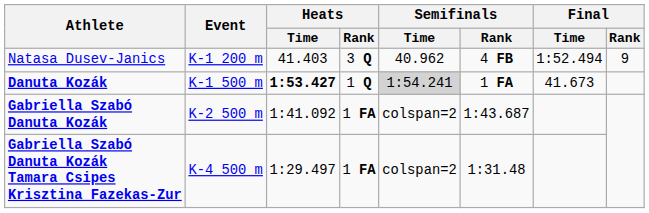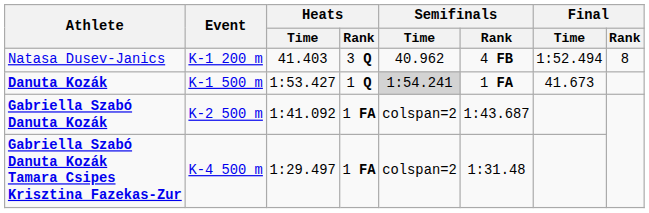 <table class=wikitable style="font-size:90%">
 <tr>
 <th rowspan="2">Athlete</th>
 <th rowspan="2">Event</th>
 <th colspan=2>Heats</th>
 <th colspan=2>Semifinals</th>
 <th colspan=2>Final</th>
 </tr>
 <tr style="font-size:95%">
 <th>Time</th>
 <th>Rank</th>
 <th>Time</th>
 <th>Rank</th>
 <th>Time</th>
 <th>Rank</th>
 </tr>
 <tr align=center>
 <td align=left><a href='#'>Natasa Dusev-Janics</a></td>
 <td align=left><a href='#'>K-1 200 m</a></td>
 <td>41.403</td>
 <td>3 <strong>Q</strong></td>
 <td>40.962</td>
 <td>4 <strong>FB</strong></td>
 <td>1:52.494</td>
-<td>9</td>
+<td>8</td>
 </tr>
 <tr align=center>
 <td align=left><strong><a href='#'>Danuta Kozák</a></strong></td>
 <td align=left><a href='#'>K-1 500 m</a></td>
-<td><strong>1:53.427</strong></td>
+<td>1:53.427</td>
 <td>1 <strong>Q</strong></td>
 <td style="background: lightgrey;">1:54.241</td>
 <td>1 <strong>FA</strong></td>
 <td>41.673</td>
 <td></td>
 </tr>
 <tr align=center>
 <td align=left><strong><a href='#'>Gabriella Szabó</a><br><a href='#'>Danuta Kozák</a></strong></td>
 <td align=left><a href='#'>K-2 500 m</a></td>
 <td>1:41.092</td>
 <td>1 <strong>FA</strong></td>
 <td>colspan=2 </td>
 <td>1:43.687</td>
 <td></td>
 </tr>
 <tr align=center>
 <td align=left><strong><a href='#'>Gabriella Szabó</a><br><a href='#'>Danuta Kozák</a><br><a href='#'>Tamara Csipes</a><br><a href='#'>Krisztina Fazekas-Zur</a></strong></td>
 <td align=left><a href='#'>K-4 500 m</a></td>
 <td>1:29.497</td>
 <td>1 <strong>FA</strong></td>
 <td>colspan=2 </td>
 <td>1:31.48</td>
 <td></td>
 </tr>
 </table>
